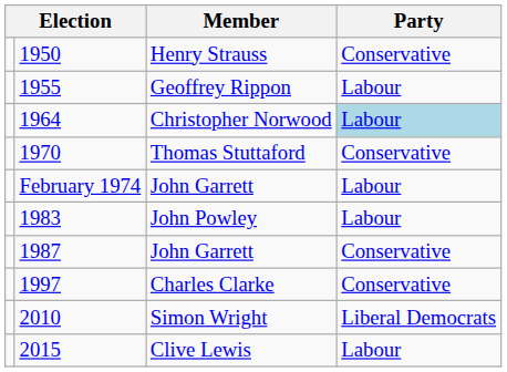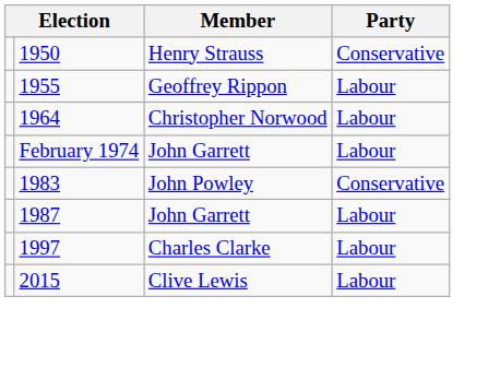 <table class="wikitable">
 <tr>
 <th colspan="2">Election</th>
 <th>Member</th>
 <th>Party</th>
 </tr>
 <tr>
 <td style="color:inherit;background-color: "></td>
 <td><a href='#'>1950</a></td>
 <td><a href='#'>Henry Strauss</a></td>
 <td><a href='#'>Conservative</a></td>
 </tr>
 <tr>
 <td style="color:inherit;background-color: "></td>
 <td><a href='#'>1955</a></td>
 <td><a href='#'>Geoffrey Rippon</a></td>
 <td><a href='#'>Labour</a></td>
 </tr>
 <tr>
 <td style="color:inherit;background-color: "></td>
 <td><a href='#'>1964</a></td>
 <td><a href='#'>Christopher Norwood</a></td>
-<td style="background: lightblue;"><a href='#'>Labour</a></td>
-</tr>
-<tr>
-<td style="color:inherit;background-color: "></td>
-<td><a href='#'>1970</a></td>
-<td><a href='#'>Thomas Stuttaford</a></td>
-<td><a href='#'>Conservative</a></td>
+<td><a href='#'>Labour</a></td>
 </tr>
 <tr>
 <td style="color:inherit;background-color: "></td>
 <td><a href='#'>February 1974</a></td>
 <td><a href='#'>John Garrett</a></td>
 <td><a href='#'>Labour</a></td>
 </tr>
 <tr>
 <td style="color:inherit;background-color: "></td>
 <td><a href='#'>1983</a></td>
 <td><a href='#'>John Powley</a></td>
-<td><a href='#'>Labour</a></td>
+<td><a href='#'>Conservative</a></td>
 </tr>
 <tr>
 <td style="color:inherit;background-color: "></td>
 <td><a href='#'>1987</a></td>
 <td><a href='#'>John Garrett</a></td>
-<td><a href='#'>Conservative</a></td>
+<td><a href='#'>Labour</a></td>
 </tr>
 <tr>
 <td style="color:inherit;background-color: "></td>
 <td><a href='#'>1997</a></td>
 <td><a href='#'>Charles Clarke</a></td>
-<td><a href='#'>Conservative</a></td>
-</tr>
-<tr>
-<td style="color:inherit;background-color: "></td>
-<td><a href='#'>2010</a></td>
-<td><a href='#'>Simon Wright</a></td>
-<td><a href='#'>Liberal Democrats</a></td>
+<td><a href='#'>Labour</a></td>
 </tr>
 <tr>
 <td style="color:inherit;background-color: "></td>
 <td><a href='#'>2015</a></td>
 <td><a href='#'>Clive Lewis</a></td>
 <td><a href='#'>Labour</a></td>
 </tr>
 </table>
